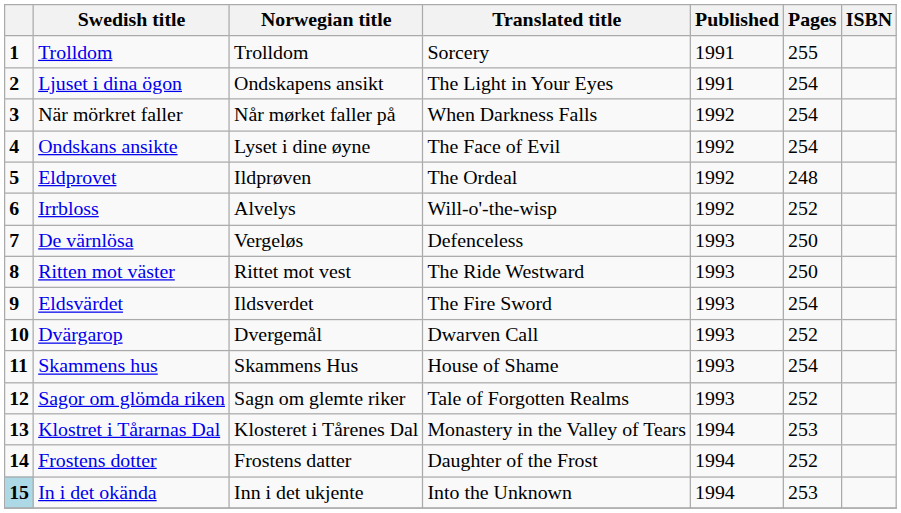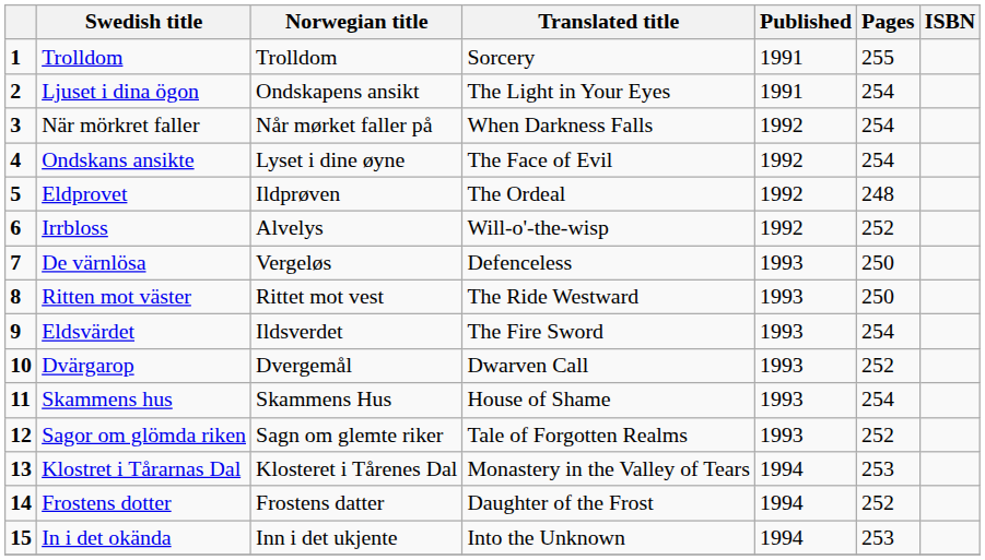 <table class="wikitable">
 <tr>
 <th></th>
 <th>Swedish title</th>
 <th>Norwegian title</th>
 <th>Translated title</th>
 <th>Published</th>
 <th>Pages</th>
 <th>ISBN</th>
 </tr>
 <tr>
 <td><strong>1</strong></td>
 <td><a href='#'>Trolldom</a></td>
 <td>Trolldom</td>
 <td>Sorcery</td>
 <td>1991</td>
 <td>255</td>
 <td></td>
 </tr>
 <tr>
 <td><strong>2</strong></td>
 <td><a href='#'>Ljuset i dina ögon</a></td>
 <td>Ondskapens ansikt</td>
 <td>The Light in Your Eyes</td>
 <td>1991</td>
 <td>254</td>
 <td></td>
 </tr>
 <tr>
 <td><strong>3</strong></td>
 <td>När mörkret faller</td>
 <td>Når mørket faller på</td>
 <td>When Darkness Falls</td>
 <td>1992</td>
 <td>254</td>
 <td></td>
 </tr>
 <tr>
 <td><strong>4</strong></td>
 <td><a href='#'>Ondskans ansikte</a></td>
 <td>Lyset i dine øyne</td>
 <td>The Face of Evil</td>
 <td>1992</td>
 <td>254</td>
 <td></td>
 </tr>
 <tr>
 <td><strong>5</strong></td>
 <td><a href='#'>Eldprovet</a></td>
 <td>Ildprøven</td>
 <td>The Ordeal</td>
 <td>1992</td>
 <td>248</td>
 <td></td>
 </tr>
 <tr>
 <td><strong>6</strong></td>
 <td><a href='#'>Irrbloss</a></td>
 <td>Alvelys</td>
 <td>Will-o'-the-wisp</td>
 <td>1992</td>
 <td>252</td>
 <td></td>
 </tr>
 <tr>
 <td><strong>7</strong></td>
 <td><a href='#'>De värnlösa</a></td>
 <td>Vergeløs</td>
 <td>Defenceless</td>
 <td>1993</td>
 <td>250</td>
 <td></td>
 </tr>
 <tr>
 <td><strong>8</strong></td>
 <td><a href='#'>Ritten mot väster</a></td>
 <td>Rittet mot vest</td>
 <td>The Ride Westward</td>
 <td>1993</td>
 <td>250</td>
 <td></td>
 </tr>
 <tr>
 <td><strong>9</strong></td>
 <td><a href='#'>Eldsvärdet</a></td>
 <td>Ildsverdet</td>
 <td>The Fire Sword</td>
 <td>1993</td>
 <td>254</td>
 <td></td>
 </tr>
 <tr>
 <td><strong>10</strong></td>
 <td><a href='#'>Dvärgarop</a></td>
 <td>Dvergemål</td>
 <td>Dwarven Call</td>
 <td>1993</td>
 <td>252</td>
 <td></td>
 </tr>
 <tr>
 <td><strong>11</strong></td>
 <td><a href='#'>Skammens hus</a></td>
 <td>Skammens Hus</td>
 <td>House of Shame</td>
 <td>1993</td>
 <td>254</td>
 <td></td>
 </tr>
 <tr>
 <td><strong>12</strong></td>
 <td><a href='#'>Sagor om glömda riken</a></td>
 <td>Sagn om glemte riker</td>
 <td>Tale of Forgotten Realms</td>
 <td>1993</td>
 <td>252</td>
 <td></td>
 </tr>
 <tr>
 <td><strong>13</strong></td>
 <td><a href='#'>Klostret i Tårarnas Dal</a></td>
 <td>Klosteret i Tårenes Dal</td>
 <td>Monastery in the Valley of Tears</td>
 <td>1994</td>
 <td>253</td>
 <td></td>
 </tr>
 <tr>
 <td><strong>14</strong></td>
 <td><a href='#'>Frostens dotter</a></td>
 <td>Frostens datter</td>
 <td>Daughter of the Frost</td>
 <td>1994</td>
 <td>252</td>
 <td></td>
 </tr>
 <tr>
-<td style="background: lightblue;"><strong>15</strong></td>
+<td><strong>15</strong></td>
 <td><a href='#'>In i det okända</a></td>
 <td>Inn i det ukjente</td>
 <td>Into the Unknown</td>
 <td>1994</td>
 <td>253</td>
 <td></td>
 </tr>
 <tr>
 </tr>
 </table>
